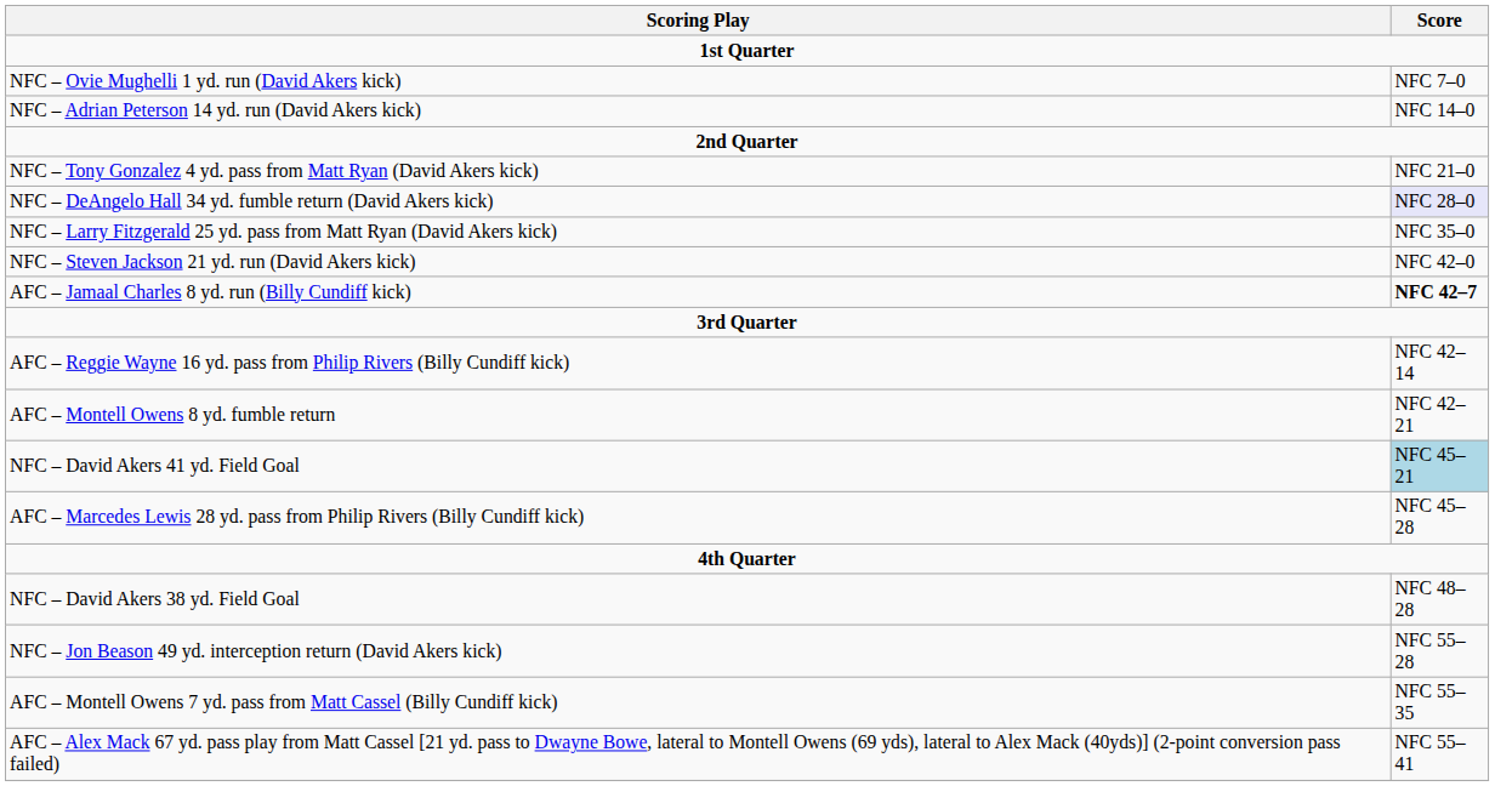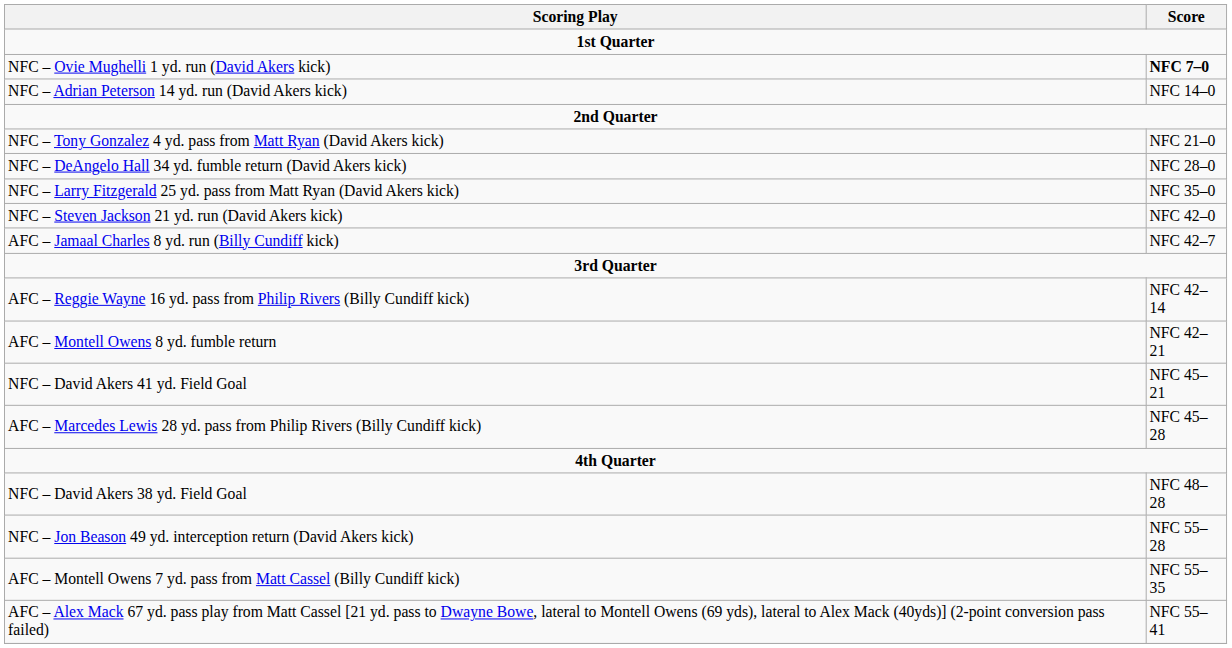 <table class="wikitable">
 <tr>
 <th>Scoring Play</th>
 <th>Score</th>
 </tr>
 <tr>
 <td colspan="4" align="center"><strong>1st Quarter</strong></td>
 </tr>
 <tr>
 <td>NFC – <a href='#'>Ovie Mughelli</a> 1 yd. run (<a href='#'>David Akers</a> kick)</td>
-<td>NFC 7–0</td>
+<td><strong>NFC 7–0</strong></td>
 </tr>
 <tr>
 <td>NFC – <a href='#'>Adrian Peterson</a> 14 yd. run (David Akers kick)</td>
 <td>NFC 14–0</td>
 </tr>
 <tr>
 <td colspan="4" align="center"><strong>2nd Quarter</strong></td>
 </tr>
 <tr>
 <td>NFC – <a href='#'>Tony Gonzalez</a> 4 yd. pass from <a href='#'>Matt Ryan</a> (David Akers kick)</td>
 <td>NFC 21–0</td>
 </tr>
 <tr>
 <td>NFC – <a href='#'>DeAngelo Hall</a> 34 yd. fumble return (David Akers kick)</td>
-<td style="background: lavender;">NFC 28–0</td>
+<td>NFC 28–0</td>
 </tr>
 <tr>
 <td>NFC – <a href='#'>Larry Fitzgerald</a> 25 yd. pass from Matt Ryan (David Akers kick)</td>
 <td>NFC 35–0</td>
 </tr>
 <tr>
 <td>NFC – <a href='#'>Steven Jackson</a> 21 yd. run (David Akers kick)</td>
 <td>NFC 42–0</td>
 </tr>
 <tr>
 <td>AFC – <a href='#'>Jamaal Charles</a> 8 yd. run (<a href='#'>Billy Cundiff</a> kick)</td>
-<td><strong>NFC 42–7</strong></td>
+<td>NFC 42–7</td>
 </tr>
 <tr>
 <td colspan="4" align="center"><strong>3rd Quarter</strong></td>
 </tr>
 <tr>
 <td>AFC – <a href='#'>Reggie Wayne</a> 16 yd. pass from <a href='#'>Philip Rivers</a> (Billy Cundiff kick)</td>
 <td>NFC 42–14</td>
 </tr>
 <tr>
 <td>AFC – <a href='#'>Montell Owens</a> 8 yd. fumble return</td>
 <td>NFC 42–21</td>
 </tr>
 <tr>
 <td>NFC – David Akers 41 yd. Field Goal</td>
-<td style="background: lightblue;">NFC 45–21</td>
+<td>NFC 45–21</td>
 </tr>
 <tr>
 <td>AFC – <a href='#'>Marcedes Lewis</a> 28 yd. pass from Philip Rivers (Billy Cundiff kick)</td>
 <td>NFC 45–28</td>
 </tr>
 <tr>
 <td colspan="4" align="center"><strong>4th Quarter</strong></td>
 </tr>
 <tr>
 <td>NFC – David Akers 38 yd. Field Goal</td>
 <td>NFC 48–28</td>
 </tr>
 <tr>
 <td>NFC – <a href='#'>Jon Beason</a> 49 yd. interception return (David Akers kick)</td>
 <td>NFC 55–28</td>
 </tr>
 <tr>
 <td>AFC –  Montell Owens 7 yd. pass from <a href='#'>Matt Cassel</a> (Billy Cundiff kick)</td>
 <td>NFC 55–35</td>
 </tr>
 <tr>
 <td>AFC –  <a href='#'>Alex Mack</a> 67 yd. pass play from Matt Cassel [21 yd. pass to <a href='#'>Dwayne Bowe</a>, lateral to Montell Owens (69 yds), lateral to Alex Mack (40yds)] (2-point conversion pass failed)</td>
 <td>NFC 55–41</td>
 </tr>
 <tr>
 </tr>
 </table>
